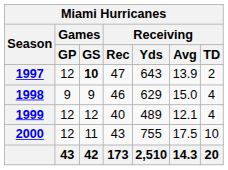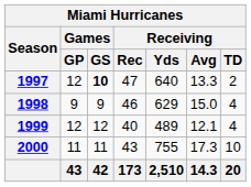 <table class="wikitable" style="text-align: center;">
 <tr>
 <th colspan="15">Miami Hurricanes</th>
 </tr>
 <tr>
 <th rowspan="2">Season</th>
 <th colspan="2">Games</th>
 <th colspan="4">Receiving</th>
 </tr>
 <tr>
 <th>GP</th>
 <th>GS</th>
 <th>Rec</th>
 <th>Yds</th>
 <th>Avg</th>
 <th>TD</th>
 </tr>
 <tr>
 <th><a href='#'>1997</a></th>
 <td>12</td>
 <td><strong>10</strong></td>
 <td>47</td>
-<td>643</td>
-<td>13.9</td>
+<td>640</td>
+<td>13.3</td>
 <td>2</td>
 </tr>
 <tr>
 <th><a href='#'>1998</a></th>
 <td>9</td>
 <td>9</td>
 <td>46</td>
 <td>629</td>
 <td>15.0</td>
 <td>4</td>
 </tr>
 <tr>
 <th><a href='#'>1999</a></th>
 <td>12</td>
 <td>12</td>
 <td>40</td>
 <td>489</td>
 <td>12.1</td>
 <td>4</td>
 </tr>
 <tr>
 <th><a href='#'>2000</a></th>
-<td>12</td>
+<td>11</td>
 <td>11</td>
 <td>43</td>
 <td>755</td>
-<td>17.5</td>
+<td>17.3</td>
 <td>10</td>
 </tr>
 <tr>
 <th></th>
 <th>43</th>
 <th>42</th>
 <th>173</th>
 <th>2,510</th>
 <th>14.3</th>
 <th>20</th>
 </tr>
 </table>
